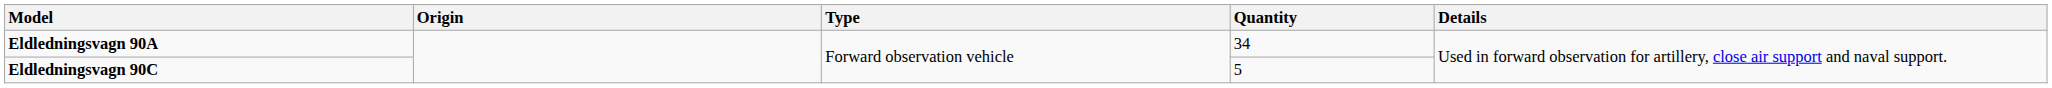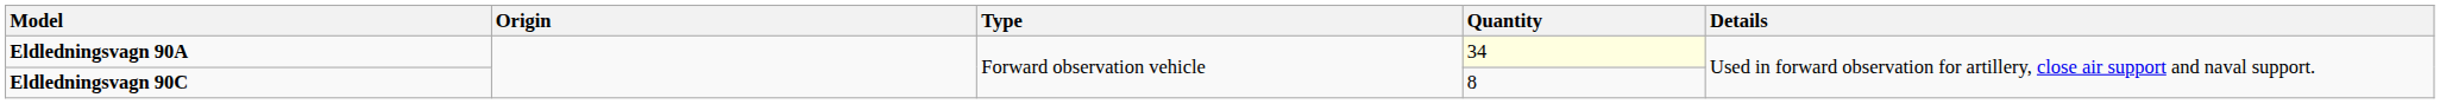 <table class="wikitable" style="width:100%;">
 <tr>
 <th style="text-align:left;width:20%;">Model</th>
 <th style="text-align:left;width:20%;">Origin</th>
 <th style="text-align:left;width:20%;">Type</th>
 <th style="text-align:left;width:10%;">Quantity</th>
 <th style="text-align:left;width:30%;">Details</th>
 </tr>
 <tr>
 <td><strong>Eld­lednings­vagn 90A</strong></td>
 <td rowspan="2"></td>
 <td rowspan="2">Forward observation vehicle</td>
-<td>34</td>
+<td style="background: lightyellow;">34</td>
 <td rowspan="2">Used in forward observation for artillery, <a href='#'>close air support</a> and naval support.</td>
 </tr>
 <tr>
 <td><strong>Eld­lednings­vagn 90C</strong></td>
-<td>5</td>
+<td>8</td>
 </tr>
 </table>
